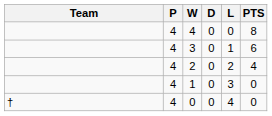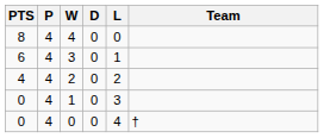 <table class=wikitable style="text-align:center">
 <tr>
-<th width=220>Team</th>
+<th width=20>PTS</th>
 <th width=20>P</th>
 <th width=20>W</th>
 <th width=20>D</th>
 <th width=20>L</th>
-<th width=20>PTS</th>
+<th width=220>Team</th>
 </tr>
 <tr>
-<td style="text-align:left;"></td>
+<td>8</td>
 <td>4</td>
 <td>4</td>
 <td>0</td>
 <td>0</td>
-<td>8</td>
+<td style="text-align:left;"></td>
 </tr>
 <tr>
-<td style="text-align:left;"></td>
+<td>6</td>
 <td>4</td>
 <td>3</td>
 <td>0</td>
 <td>1</td>
-<td>6</td>
+<td style="text-align:left;"></td>
 </tr>
 <tr>
-<td style="text-align:left;"></td>
+<td>4</td>
 <td>4</td>
 <td>2</td>
 <td>0</td>
 <td>2</td>
-<td>4</td>
+<td style="text-align:left;"></td>
 </tr>
 <tr>
-<td style="text-align:left;"></td>
+<td>0</td>
 <td>4</td>
 <td>1</td>
 <td>0</td>
 <td>3</td>
-<td>0</td>
+<td style="text-align:left;"></td>
 </tr>
 <tr>
-<td style="text-align:left;"> †</td>
+<td>0</td>
 <td>4</td>
 <td>0</td>
 <td>0</td>
 <td>4</td>
-<td>0</td>
+<td style="text-align:left;"> †</td>
 </tr>
 </table>
